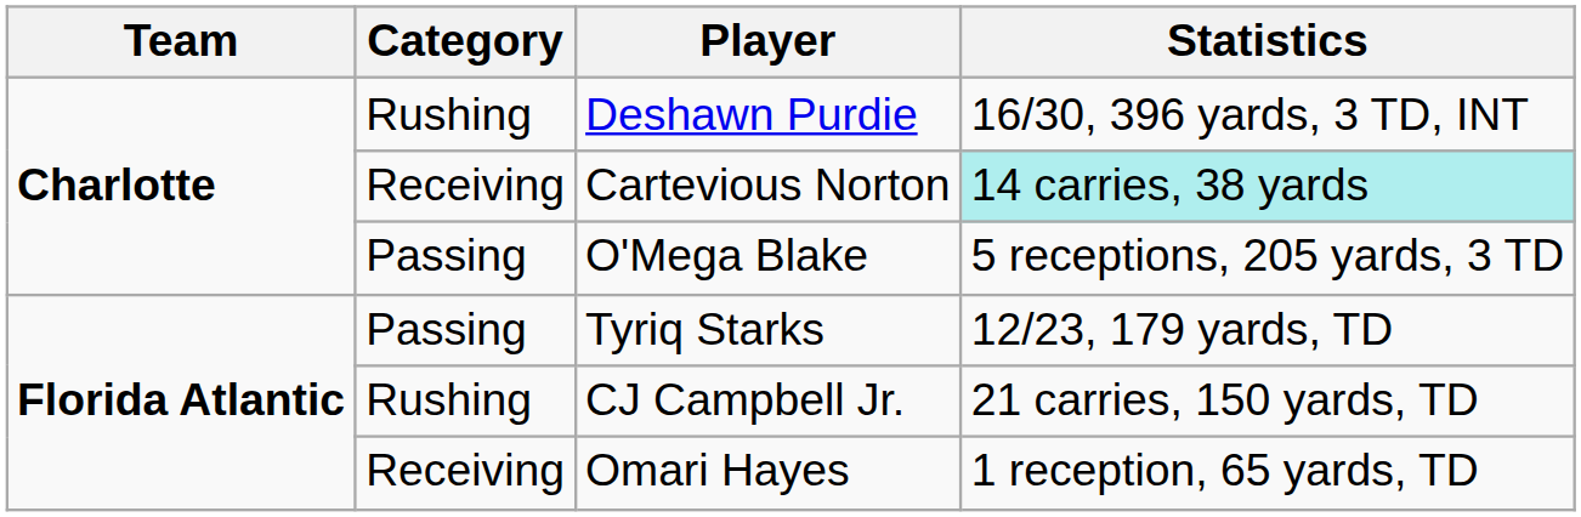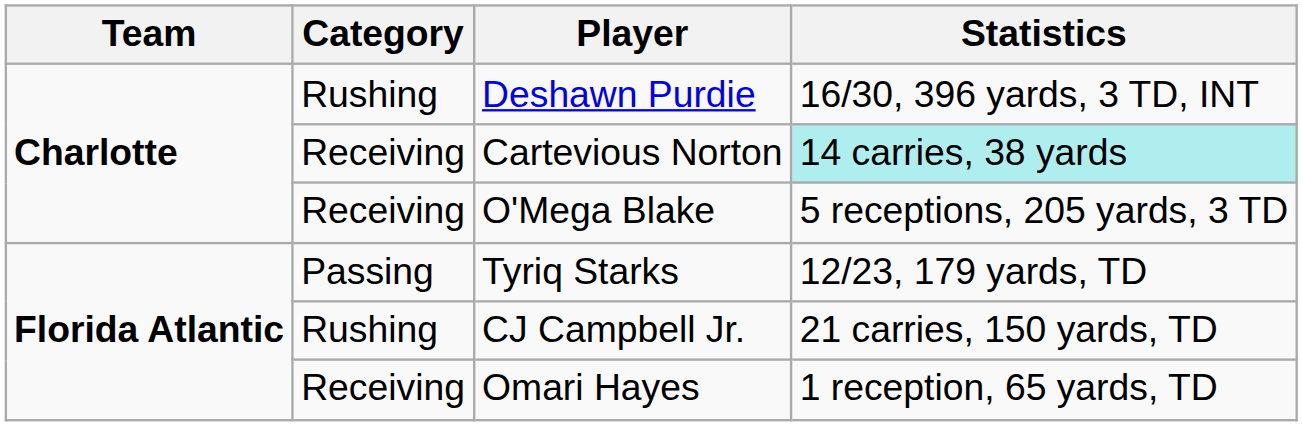 <table class="wikitable" style="float: right;">
 <tr>
 <th>Team</th>
 <th>Category</th>
 <th>Player</th>
 <th>Statistics</th>
 </tr>
 <tr>
 <td rowspan=3><strong>Charlotte</strong></td>
 <td>Rushing</td>
 <td><a href='#'>Deshawn Purdie</a></td>
 <td>16/30, 396 yards, 3 TD, INT</td>
 </tr>
 <tr>
 <td>Receiving</td>
 <td>Cartevious Norton</td>
 <td style="background: paleturquoise;">14 carries, 38 yards</td>
 </tr>
 <tr>
-<td>Passing</td>
+<td>Receiving</td>
 <td>O'Mega Blake</td>
 <td>5 receptions, 205 yards, 3 TD</td>
 </tr>
 <tr>
 <td rowspan=3><strong>Florida Atlantic</strong></td>
 <td>Passing</td>
 <td>Tyriq Starks</td>
 <td>12/23, 179 yards, TD</td>
 </tr>
 <tr>
 <td>Rushing</td>
 <td>CJ Campbell Jr.</td>
 <td>21 carries, 150 yards, TD</td>
 </tr>
 <tr>
 <td>Receiving</td>
 <td>Omari Hayes</td>
 <td>1 reception, 65 yards, TD</td>
 </tr>
 </table>
